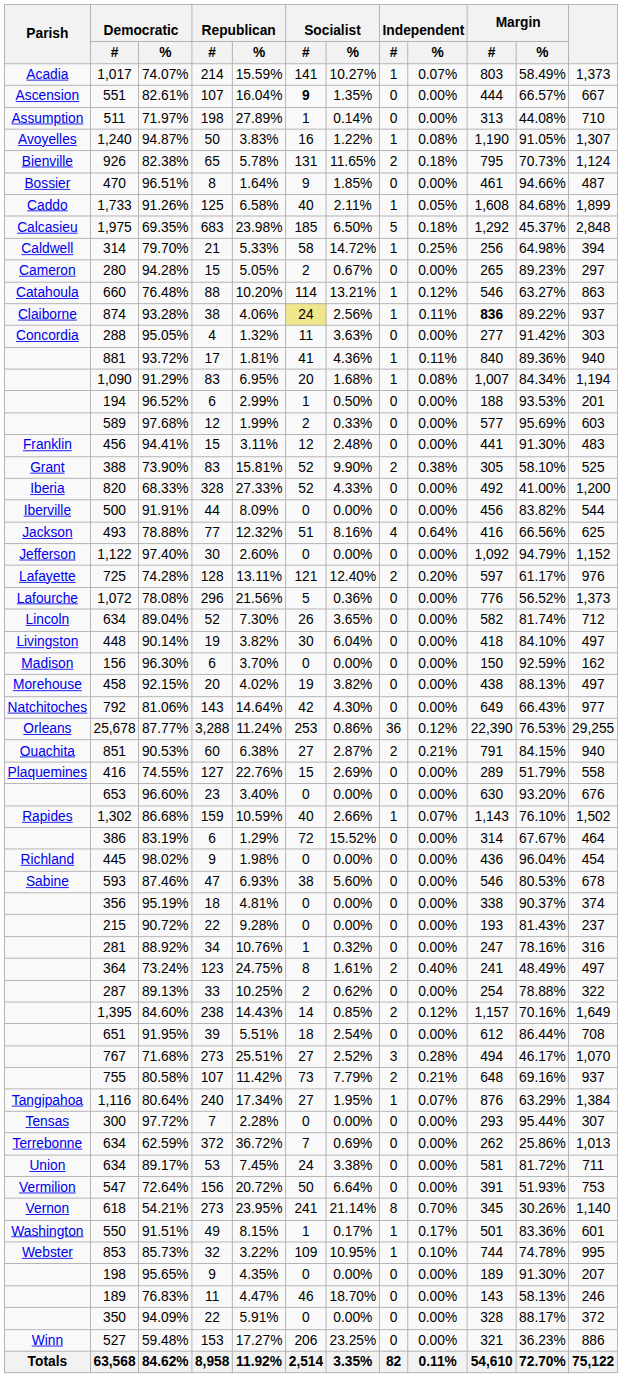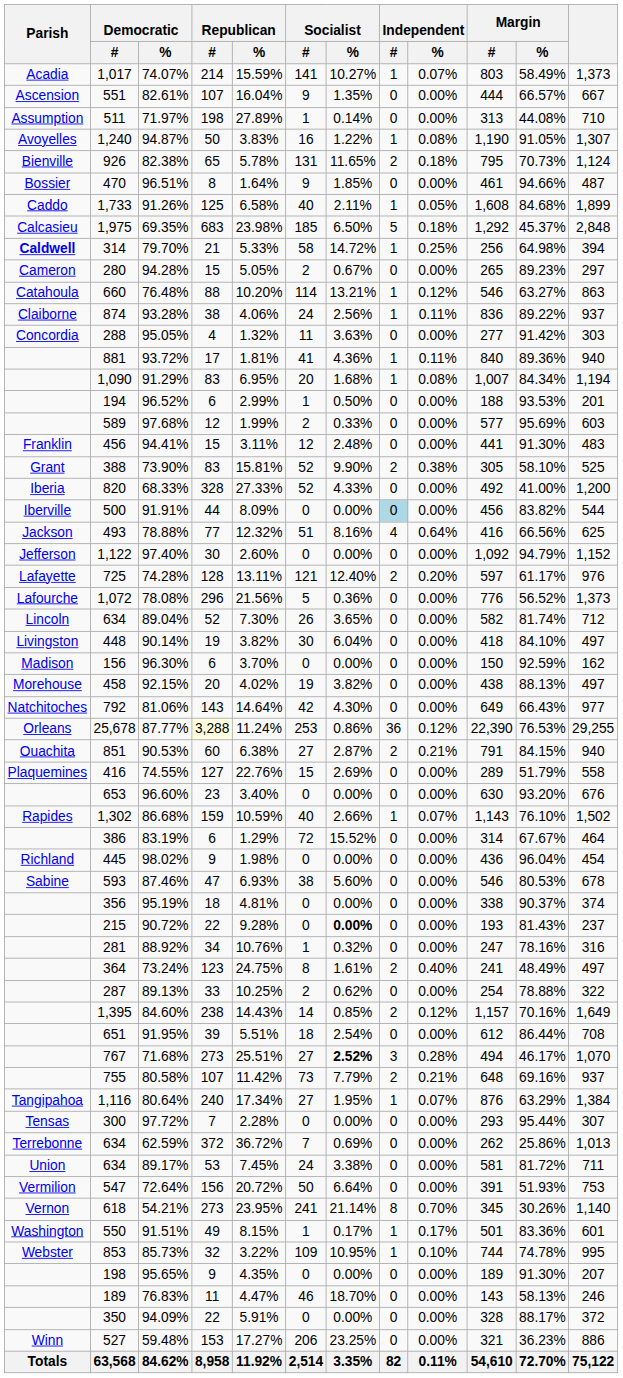 <table class="wikitable sortable mw-collapsible mw-collapsed">
 <tr>
 <th rowspan="2">Parish</th>
 <th colspan="2"><br>Democratic</th>
 <th colspan="2"><br>Republican</th>
 <th colspan="2"><br>Socialist</th>
 <th colspan="2"><br>Independent</th>
 <th colspan="2">Margin</th>
 <th rowspan="2" data-sort-type="number"></th>
 </tr>
 <tr>
 <th data-sort-type="number">#</th>
 <th data-sort-type="number">%</th>
 <th data-sort-type="number">#</th>
 <th data-sort-type="number">%</th>
 <th data-sort-type="number">#</th>
 <th data-sort-type="number">%</th>
 <th data-sort-type="number">#</th>
 <th data-sort-type="number">%</th>
 <th data-sort-type="number">#</th>
 <th data-sort-type="number">%</th>
 </tr>
 <tr style="text-align:center">
 <td><a href='#'>Acadia</a></td>
 <td>1,017</td>
 <td>74.07%</td>
 <td>214</td>
 <td>15.59%</td>
 <td>141</td>
 <td>10.27%</td>
 <td>1</td>
 <td>0.07%</td>
 <td>803</td>
 <td>58.49%</td>
 <td>1,373</td>
 </tr>
 <tr style="text-align:center">
 <td><a href='#'>Ascension</a></td>
 <td>551</td>
 <td>82.61%</td>
 <td>107</td>
 <td>16.04%</td>
-<td><strong>9</strong></td>
+<td>9</td>
 <td>1.35%</td>
 <td>0</td>
 <td>0.00%</td>
 <td>444</td>
 <td>66.57%</td>
 <td>667</td>
 </tr>
 <tr style="text-align:center">
 <td><a href='#'>Assumption</a></td>
 <td>511</td>
 <td>71.97%</td>
 <td>198</td>
 <td>27.89%</td>
 <td>1</td>
 <td>0.14%</td>
 <td>0</td>
 <td>0.00%</td>
 <td>313</td>
 <td>44.08%</td>
 <td>710</td>
 </tr>
 <tr style="text-align:center">
 <td><a href='#'>Avoyelles</a></td>
 <td>1,240</td>
 <td>94.87%</td>
 <td>50</td>
 <td>3.83%</td>
 <td>16</td>
 <td>1.22%</td>
 <td>1</td>
 <td>0.08%</td>
 <td>1,190</td>
 <td>91.05%</td>
 <td>1,307</td>
 </tr>
 <tr style="text-align:center">
 <td><a href='#'>Bienville</a></td>
 <td>926</td>
 <td>82.38%</td>
 <td>65</td>
 <td>5.78%</td>
 <td>131</td>
 <td>11.65%</td>
 <td>2</td>
 <td>0.18%</td>
 <td>795</td>
 <td>70.73%</td>
 <td>1,124</td>
 </tr>
 <tr style="text-align:center">
 <td><a href='#'>Bossier</a></td>
 <td>470</td>
 <td>96.51%</td>
 <td>8</td>
 <td>1.64%</td>
 <td>9</td>
 <td>1.85%</td>
 <td>0</td>
 <td>0.00%</td>
 <td>461</td>
 <td>94.66%</td>
 <td>487</td>
 </tr>
 <tr style="text-align:center">
 <td><a href='#'>Caddo</a></td>
 <td>1,733</td>
 <td>91.26%</td>
 <td>125</td>
 <td>6.58%</td>
 <td>40</td>
 <td>2.11%</td>
 <td>1</td>
 <td>0.05%</td>
 <td>1,608</td>
 <td>84.68%</td>
 <td>1,899</td>
 </tr>
 <tr style="text-align:center">
 <td><a href='#'>Calcasieu</a></td>
 <td>1,975</td>
 <td>69.35%</td>
 <td>683</td>
 <td>23.98%</td>
 <td>185</td>
 <td>6.50%</td>
 <td>5</td>
 <td>0.18%</td>
 <td>1,292</td>
 <td>45.37%</td>
 <td>2,848</td>
 </tr>
 <tr style="text-align:center">
-<td><a href='#'>Caldwell</a></td>
+<td><strong><a href='#'>Caldwell</a></strong></td>
 <td>314</td>
 <td>79.70%</td>
 <td>21</td>
 <td>5.33%</td>
 <td>58</td>
 <td>14.72%</td>
 <td>1</td>
 <td>0.25%</td>
 <td>256</td>
 <td>64.98%</td>
 <td>394</td>
 </tr>
 <tr style="text-align:center">
 <td><a href='#'>Cameron</a></td>
 <td>280</td>
 <td>94.28%</td>
 <td>15</td>
 <td>5.05%</td>
 <td>2</td>
 <td>0.67%</td>
 <td>0</td>
 <td>0.00%</td>
 <td>265</td>
 <td>89.23%</td>
 <td>297</td>
 </tr>
 <tr style="text-align:center">
 <td><a href='#'>Catahoula</a></td>
 <td>660</td>
 <td>76.48%</td>
 <td>88</td>
 <td>10.20%</td>
 <td>114</td>
 <td>13.21%</td>
 <td>1</td>
 <td>0.12%</td>
 <td>546</td>
 <td>63.27%</td>
 <td>863</td>
 </tr>
 <tr style="text-align:center">
 <td><a href='#'>Claiborne</a></td>
 <td>874</td>
 <td>93.28%</td>
 <td>38</td>
 <td>4.06%</td>
-<td style="background: khaki;">24</td>
+<td>24</td>
 <td>2.56%</td>
 <td>1</td>
 <td>0.11%</td>
-<td><strong>836</strong></td>
+<td>836</td>
 <td>89.22%</td>
 <td>937</td>
 </tr>
 <tr style="text-align:center">
 <td><a href='#'>Concordia</a></td>
 <td>288</td>
 <td>95.05%</td>
 <td>4</td>
 <td>1.32%</td>
 <td>11</td>
 <td>3.63%</td>
 <td>0</td>
 <td>0.00%</td>
 <td>277</td>
 <td>91.42%</td>
 <td>303</td>
 </tr>
 <tr style="text-align:center">
 <td></td>
 <td>881</td>
 <td>93.72%</td>
 <td>17</td>
 <td>1.81%</td>
 <td>41</td>
 <td>4.36%</td>
 <td>1</td>
 <td>0.11%</td>
 <td>840</td>
 <td>89.36%</td>
 <td>940</td>
 </tr>
 <tr style="text-align:center">
 <td></td>
 <td>1,090</td>
 <td>91.29%</td>
 <td>83</td>
 <td>6.95%</td>
 <td>20</td>
 <td>1.68%</td>
 <td>1</td>
 <td>0.08%</td>
 <td>1,007</td>
 <td>84.34%</td>
 <td>1,194</td>
 </tr>
 <tr style="text-align:center">
 <td></td>
 <td>194</td>
 <td>96.52%</td>
 <td>6</td>
 <td>2.99%</td>
 <td>1</td>
 <td>0.50%</td>
 <td>0</td>
 <td>0.00%</td>
 <td>188</td>
 <td>93.53%</td>
 <td>201</td>
 </tr>
 <tr style="text-align:center">
 <td></td>
 <td>589</td>
 <td>97.68%</td>
 <td>12</td>
 <td>1.99%</td>
 <td>2</td>
 <td>0.33%</td>
 <td>0</td>
 <td>0.00%</td>
 <td>577</td>
 <td>95.69%</td>
 <td>603</td>
 </tr>
 <tr style="text-align:center">
 <td><a href='#'>Franklin</a></td>
 <td>456</td>
 <td>94.41%</td>
 <td>15</td>
 <td>3.11%</td>
 <td>12</td>
 <td>2.48%</td>
 <td>0</td>
 <td>0.00%</td>
 <td>441</td>
 <td>91.30%</td>
 <td>483</td>
 </tr>
 <tr style="text-align:center">
 <td><a href='#'>Grant</a></td>
 <td>388</td>
 <td>73.90%</td>
 <td>83</td>
 <td>15.81%</td>
 <td>52</td>
 <td>9.90%</td>
 <td>2</td>
 <td>0.38%</td>
 <td>305</td>
 <td>58.10%</td>
 <td>525</td>
 </tr>
 <tr style="text-align:center">
 <td><a href='#'>Iberia</a></td>
 <td>820</td>
 <td>68.33%</td>
 <td>328</td>
 <td>27.33%</td>
 <td>52</td>
 <td>4.33%</td>
 <td>0</td>
 <td>0.00%</td>
 <td>492</td>
 <td>41.00%</td>
 <td>1,200</td>
 </tr>
 <tr style="text-align:center">
 <td><a href='#'>Iberville</a></td>
 <td>500</td>
 <td>91.91%</td>
 <td>44</td>
 <td>8.09%</td>
 <td>0</td>
 <td>0.00%</td>
-<td>0</td>
+<td style="background: lightblue;">0</td>
 <td>0.00%</td>
 <td>456</td>
 <td>83.82%</td>
 <td>544</td>
 </tr>
 <tr style="text-align:center">
 <td><a href='#'>Jackson</a></td>
 <td>493</td>
 <td>78.88%</td>
 <td>77</td>
 <td>12.32%</td>
 <td>51</td>
 <td>8.16%</td>
 <td>4</td>
 <td>0.64%</td>
 <td>416</td>
 <td>66.56%</td>
 <td>625</td>
 </tr>
 <tr style="text-align:center">
 <td><a href='#'>Jefferson</a></td>
 <td>1,122</td>
 <td>97.40%</td>
 <td>30</td>
 <td>2.60%</td>
 <td>0</td>
 <td>0.00%</td>
 <td>0</td>
 <td>0.00%</td>
 <td>1,092</td>
 <td>94.79%</td>
 <td>1,152</td>
 </tr>
 <tr style="text-align:center">
 <td><a href='#'>Lafayette</a></td>
 <td>725</td>
 <td>74.28%</td>
 <td>128</td>
 <td>13.11%</td>
 <td>121</td>
 <td>12.40%</td>
 <td>2</td>
 <td>0.20%</td>
 <td>597</td>
 <td>61.17%</td>
 <td>976</td>
 </tr>
 <tr style="text-align:center">
 <td><a href='#'>Lafourche</a></td>
 <td>1,072</td>
 <td>78.08%</td>
 <td>296</td>
 <td>21.56%</td>
 <td>5</td>
 <td>0.36%</td>
 <td>0</td>
 <td>0.00%</td>
 <td>776</td>
 <td>56.52%</td>
 <td>1,373</td>
 </tr>
 <tr style="text-align:center">
 <td><a href='#'>Lincoln</a></td>
 <td>634</td>
 <td>89.04%</td>
 <td>52</td>
 <td>7.30%</td>
 <td>26</td>
 <td>3.65%</td>
 <td>0</td>
 <td>0.00%</td>
 <td>582</td>
 <td>81.74%</td>
 <td>712</td>
 </tr>
 <tr style="text-align:center">
 <td><a href='#'>Livingston</a></td>
 <td>448</td>
 <td>90.14%</td>
 <td>19</td>
 <td>3.82%</td>
 <td>30</td>
 <td>6.04%</td>
 <td>0</td>
 <td>0.00%</td>
 <td>418</td>
 <td>84.10%</td>
 <td>497</td>
 </tr>
 <tr style="text-align:center">
 <td><a href='#'>Madison</a></td>
 <td>156</td>
 <td>96.30%</td>
 <td>6</td>
 <td>3.70%</td>
 <td>0</td>
 <td>0.00%</td>
 <td>0</td>
 <td>0.00%</td>
 <td>150</td>
 <td>92.59%</td>
 <td>162</td>
 </tr>
 <tr style="text-align:center">
 <td><a href='#'>Morehouse</a></td>
 <td>458</td>
 <td>92.15%</td>
 <td>20</td>
 <td>4.02%</td>
 <td>19</td>
 <td>3.82%</td>
 <td>0</td>
 <td>0.00%</td>
 <td>438</td>
 <td>88.13%</td>
 <td>497</td>
 </tr>
 <tr style="text-align:center">
 <td><a href='#'>Natchitoches</a></td>
 <td>792</td>
 <td>81.06%</td>
 <td>143</td>
 <td>14.64%</td>
 <td>42</td>
 <td>4.30%</td>
 <td>0</td>
 <td>0.00%</td>
 <td>649</td>
 <td>66.43%</td>
 <td>977</td>
 </tr>
 <tr style="text-align:center">
 <td><a href='#'>Orleans</a></td>
 <td>25,678</td>
 <td>87.77%</td>
-<td>3,288</td>
+<td style="background: lightyellow;">3,288</td>
 <td>11.24%</td>
 <td>253</td>
 <td>0.86%</td>
 <td>36</td>
 <td>0.12%</td>
 <td>22,390</td>
 <td>76.53%</td>
 <td>29,255</td>
 </tr>
 <tr style="text-align:center">
 <td><a href='#'>Ouachita</a></td>
 <td>851</td>
 <td>90.53%</td>
 <td>60</td>
 <td>6.38%</td>
 <td>27</td>
 <td>2.87%</td>
 <td>2</td>
 <td>0.21%</td>
 <td>791</td>
 <td>84.15%</td>
 <td>940</td>
 </tr>
 <tr style="text-align:center">
 <td><a href='#'>Plaquemines</a></td>
 <td>416</td>
 <td>74.55%</td>
 <td>127</td>
 <td>22.76%</td>
 <td>15</td>
 <td>2.69%</td>
 <td>0</td>
 <td>0.00%</td>
 <td>289</td>
 <td>51.79%</td>
 <td>558</td>
 </tr>
 <tr style="text-align:center">
 <td></td>
 <td>653</td>
 <td>96.60%</td>
 <td>23</td>
 <td>3.40%</td>
 <td>0</td>
 <td>0.00%</td>
 <td>0</td>
 <td>0.00%</td>
 <td>630</td>
 <td>93.20%</td>
 <td>676</td>
 </tr>
 <tr style="text-align:center">
 <td><a href='#'>Rapides</a></td>
 <td>1,302</td>
 <td>86.68%</td>
 <td>159</td>
 <td>10.59%</td>
 <td>40</td>
 <td>2.66%</td>
 <td>1</td>
 <td>0.07%</td>
 <td>1,143</td>
 <td>76.10%</td>
 <td>1,502</td>
 </tr>
 <tr style="text-align:center">
 <td></td>
 <td>386</td>
 <td>83.19%</td>
 <td>6</td>
 <td>1.29%</td>
 <td>72</td>
 <td>15.52%</td>
 <td>0</td>
 <td>0.00%</td>
 <td>314</td>
 <td>67.67%</td>
 <td>464</td>
 </tr>
 <tr style="text-align:center">
 <td><a href='#'>Richland</a></td>
 <td>445</td>
 <td>98.02%</td>
 <td>9</td>
 <td>1.98%</td>
 <td>0</td>
 <td>0.00%</td>
 <td>0</td>
 <td>0.00%</td>
 <td>436</td>
 <td>96.04%</td>
 <td>454</td>
 </tr>
 <tr style="text-align:center">
 <td><a href='#'>Sabine</a></td>
 <td>593</td>
 <td>87.46%</td>
 <td>47</td>
 <td>6.93%</td>
 <td>38</td>
 <td>5.60%</td>
 <td>0</td>
 <td>0.00%</td>
 <td>546</td>
 <td>80.53%</td>
 <td>678</td>
 </tr>
 <tr style="text-align:center">
 <td></td>
 <td>356</td>
 <td>95.19%</td>
 <td>18</td>
 <td>4.81%</td>
 <td>0</td>
 <td>0.00%</td>
 <td>0</td>
 <td>0.00%</td>
 <td>338</td>
 <td>90.37%</td>
 <td>374</td>
 </tr>
 <tr style="text-align:center">
 <td></td>
 <td>215</td>
 <td>90.72%</td>
 <td>22</td>
 <td>9.28%</td>
 <td>0</td>
-<td>0.00%</td>
+<td><strong>0.00%</strong></td>
 <td>0</td>
 <td>0.00%</td>
 <td>193</td>
 <td>81.43%</td>
 <td>237</td>
 </tr>
 <tr style="text-align:center">
 <td></td>
 <td>281</td>
 <td>88.92%</td>
 <td>34</td>
 <td>10.76%</td>
 <td>1</td>
 <td>0.32%</td>
 <td>0</td>
 <td>0.00%</td>
 <td>247</td>
 <td>78.16%</td>
 <td>316</td>
 </tr>
 <tr style="text-align:center">
 <td></td>
 <td>364</td>
 <td>73.24%</td>
 <td>123</td>
 <td>24.75%</td>
 <td>8</td>
 <td>1.61%</td>
 <td>2</td>
 <td>0.40%</td>
 <td>241</td>
 <td>48.49%</td>
 <td>497</td>
 </tr>
 <tr style="text-align:center">
 <td></td>
 <td>287</td>
 <td>89.13%</td>
 <td>33</td>
 <td>10.25%</td>
 <td>2</td>
 <td>0.62%</td>
 <td>0</td>
 <td>0.00%</td>
 <td>254</td>
 <td>78.88%</td>
 <td>322</td>
 </tr>
 <tr style="text-align:center">
 <td></td>
 <td>1,395</td>
 <td>84.60%</td>
 <td>238</td>
 <td>14.43%</td>
 <td>14</td>
 <td>0.85%</td>
 <td>2</td>
 <td>0.12%</td>
 <td>1,157</td>
 <td>70.16%</td>
 <td>1,649</td>
 </tr>
 <tr style="text-align:center">
 <td></td>
 <td>651</td>
 <td>91.95%</td>
 <td>39</td>
 <td>5.51%</td>
 <td>18</td>
 <td>2.54%</td>
 <td>0</td>
 <td>0.00%</td>
 <td>612</td>
 <td>86.44%</td>
 <td>708</td>
 </tr>
 <tr style="text-align:center">
 <td></td>
 <td>767</td>
 <td>71.68%</td>
 <td>273</td>
 <td>25.51%</td>
 <td>27</td>
-<td>2.52%</td>
+<td><strong>2.52%</strong></td>
 <td>3</td>
 <td>0.28%</td>
 <td>494</td>
 <td>46.17%</td>
 <td>1,070</td>
 </tr>
 <tr style="text-align:center">
 <td></td>
 <td>755</td>
 <td>80.58%</td>
 <td>107</td>
 <td>11.42%</td>
 <td>73</td>
 <td>7.79%</td>
 <td>2</td>
 <td>0.21%</td>
 <td>648</td>
 <td>69.16%</td>
 <td>937</td>
 </tr>
 <tr style="text-align:center">
 <td><a href='#'>Tangipahoa</a></td>
 <td>1,116</td>
 <td>80.64%</td>
 <td>240</td>
 <td>17.34%</td>
 <td>27</td>
 <td>1.95%</td>
 <td>1</td>
 <td>0.07%</td>
 <td>876</td>
 <td>63.29%</td>
 <td>1,384</td>
 </tr>
 <tr style="text-align:center">
 <td><a href='#'>Tensas</a></td>
 <td>300</td>
 <td>97.72%</td>
 <td>7</td>
 <td>2.28%</td>
 <td>0</td>
 <td>0.00%</td>
 <td>0</td>
 <td>0.00%</td>
 <td>293</td>
 <td>95.44%</td>
 <td>307</td>
 </tr>
 <tr style="text-align:center">
 <td><a href='#'>Terrebonne</a></td>
 <td>634</td>
 <td>62.59%</td>
 <td>372</td>
 <td>36.72%</td>
 <td>7</td>
 <td>0.69%</td>
 <td>0</td>
 <td>0.00%</td>
 <td>262</td>
 <td>25.86%</td>
 <td>1,013</td>
 </tr>
 <tr style="text-align:center">
 <td><a href='#'>Union</a></td>
 <td>634</td>
 <td>89.17%</td>
 <td>53</td>
 <td>7.45%</td>
 <td>24</td>
 <td>3.38%</td>
 <td>0</td>
 <td>0.00%</td>
 <td>581</td>
 <td>81.72%</td>
 <td>711</td>
 </tr>
 <tr style="text-align:center">
 <td><a href='#'>Vermilion</a></td>
 <td>547</td>
 <td>72.64%</td>
 <td>156</td>
 <td>20.72%</td>
 <td>50</td>
 <td>6.64%</td>
 <td>0</td>
 <td>0.00%</td>
 <td>391</td>
 <td>51.93%</td>
 <td>753</td>
 </tr>
 <tr style="text-align:center">
 <td><a href='#'>Vernon</a></td>
 <td>618</td>
 <td>54.21%</td>
 <td>273</td>
 <td>23.95%</td>
 <td>241</td>
 <td>21.14%</td>
 <td>8</td>
 <td>0.70%</td>
 <td>345</td>
 <td>30.26%</td>
 <td>1,140</td>
 </tr>
 <tr style="text-align:center">
 <td><a href='#'>Washington</a></td>
 <td>550</td>
 <td>91.51%</td>
 <td>49</td>
 <td>8.15%</td>
 <td>1</td>
 <td>0.17%</td>
 <td>1</td>
 <td>0.17%</td>
 <td>501</td>
 <td>83.36%</td>
 <td>601</td>
 </tr>
 <tr style="text-align:center">
 <td><a href='#'>Webster</a></td>
 <td>853</td>
 <td>85.73%</td>
 <td>32</td>
 <td>3.22%</td>
 <td>109</td>
 <td>10.95%</td>
 <td>1</td>
 <td>0.10%</td>
 <td>744</td>
 <td>74.78%</td>
 <td>995</td>
 </tr>
 <tr style="text-align:center">
 <td></td>
 <td>198</td>
 <td>95.65%</td>
 <td>9</td>
 <td>4.35%</td>
 <td>0</td>
 <td>0.00%</td>
 <td>0</td>
 <td>0.00%</td>
 <td>189</td>
 <td>91.30%</td>
 <td>207</td>
 </tr>
 <tr style="text-align:center">
 <td></td>
 <td>189</td>
 <td>76.83%</td>
 <td>11</td>
 <td>4.47%</td>
 <td>46</td>
 <td>18.70%</td>
 <td>0</td>
 <td>0.00%</td>
 <td>143</td>
 <td>58.13%</td>
 <td>246</td>
 </tr>
 <tr style="text-align:center">
 <td></td>
 <td>350</td>
 <td>94.09%</td>
 <td>22</td>
 <td>5.91%</td>
 <td>0</td>
 <td>0.00%</td>
 <td>0</td>
 <td>0.00%</td>
 <td>328</td>
 <td>88.17%</td>
 <td>372</td>
 </tr>
 <tr style="text-align:center">
 <td><a href='#'>Winn</a></td>
 <td>527</td>
 <td>59.48%</td>
 <td>153</td>
 <td>17.27%</td>
 <td>206</td>
 <td>23.25%</td>
 <td>0</td>
 <td>0.00%</td>
 <td>321</td>
 <td>36.23%</td>
 <td>886</td>
 </tr>
 <tr>
 <th>Totals</th>
 <th>63,568</th>
 <th>84.62%</th>
 <th>8,958</th>
 <th>11.92%</th>
 <th>2,514</th>
 <th>3.35%</th>
 <th>82</th>
 <th>0.11%</th>
 <th>54,610</th>
 <th>72.70%</th>
 <th>75,122</th>
 </tr>
 </table>
